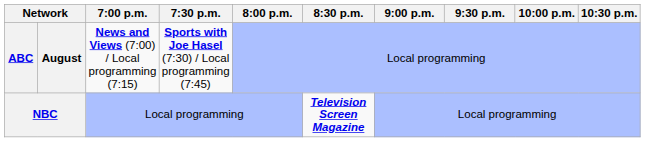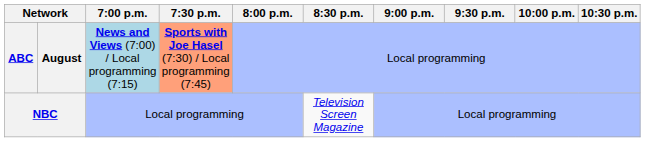 <table class="wikitable" style="width:100%;margin-right:0;text-align:center">
 <tr>
 <th style="width:13%;" colspan=2>Network</th>
 <th style="width:11.5%;">7:00 p.m.</th>
 <th style="width:11.5%;">7:30 p.m.</th>
 <th style="width:11.5%;">8:00 p.m.</th>
 <th style="width:11.5%;">8:30 p.m.</th>
 <th style="width:11.5%;">9:00 p.m.</th>
 <th style="width:11.5%;">9:30 p.m.</th>
 <th style="width:10%;">10:00 p.m.</th>
 <th style="width:10%;">10:30 p.m.</th>
 </tr>
 <tr>
 <th><a href='#'>ABC</a></th>
 <th>August</th>
-<td><strong><a href='#'>News and Views</a></strong> (7:00) / Local programming (7:15)</td>
-<td><strong><a href='#'>Sports with Joe Hasel</a></strong> (7:30) / Local programming (7:45)</td>
+<td style="background: lightblue;"><strong><a href='#'>News and Views</a></strong> (7:00) / Local programming (7:15)</td>
+<td style="background: lightsalmon;"><strong><a href='#'>Sports with Joe Hasel</a></strong> (7:30) / Local programming (7:45)</td>
 <td style="background:#abbfff;" colspan="6">Local programming</td>
 </tr>
 <tr>
 <th colspan=2><a href='#'>NBC</a></th>
 <td colspan="3" style="background:#abbfff;">Local programming</td>
-<td><strong><em><a href='#'>Television Screen Magazine</a></em></strong></td>
+<td><em><a href='#'>Television Screen Magazine</a></em></td>
 <td colspan="4" style="background:#abbfff;">Local programming</td>
 </tr>
 </table>
